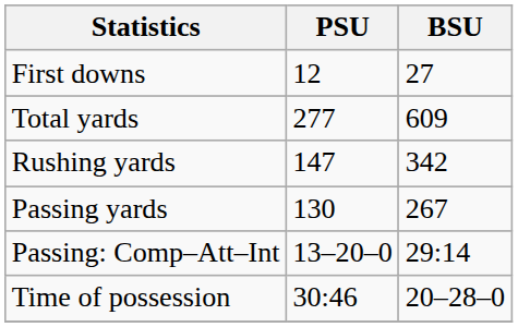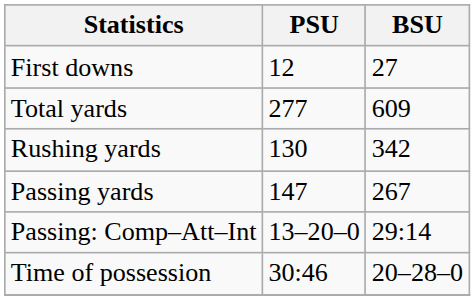 <table class="wikitable" style="float: left;">
 <tr>
 <th>Statistics</th>
 <th>PSU</th>
 <th>BSU</th>
 </tr>
 <tr>
 <td>First downs</td>
 <td>12</td>
 <td>27</td>
 </tr>
 <tr>
 <td>Total yards</td>
 <td>277</td>
 <td>609</td>
 </tr>
 <tr>
 <td>Rushing yards</td>
-<td>147</td>
+<td>130</td>
 <td>342</td>
 </tr>
 <tr>
 <td>Passing yards</td>
-<td>130</td>
+<td>147</td>
 <td>267</td>
 </tr>
 <tr>
 <td>Passing: Comp–Att–Int</td>
 <td>13–20–0</td>
 <td>29:14</td>
 </tr>
 <tr>
 <td>Time of possession</td>
 <td>30:46</td>
 <td>20–28–0</td>
 </tr>
 <tr>
 </tr>
 </table>
